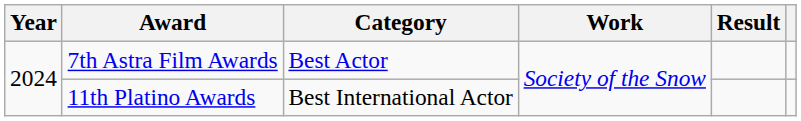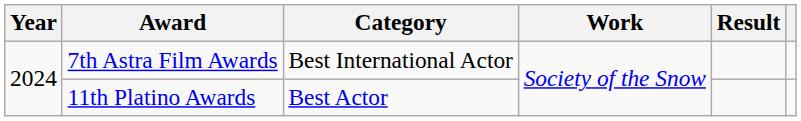 <table class="wikitable sortable plainrowheaders">
 <tr>
 <th>Year</th>
 <th>Award</th>
 <th scope="col">Category</th>
 <th>Work</th>
 <th scope="col">Result</th>
 <th class="unsortable" scope="col"></th>
 </tr>
 <tr>
 <td rowspan = "2">2024</td>
 <td><a href='#'>7th Astra Film Awards</a></td>
-<td><a href='#'>Best Actor</a></td>
+<td>Best International Actor</td>
 <td rowspan = "2"><em><a href='#'>Society of the Snow</a></em></td>
 <td></td>
 <td></td>
 </tr>
 <tr>
 <td><a href='#'>11th Platino Awards</a></td>
-<td>Best International Actor</td>
+<td><a href='#'>Best Actor</a></td>
 <td></td>
 <td></td>
 </tr>
 </table>
